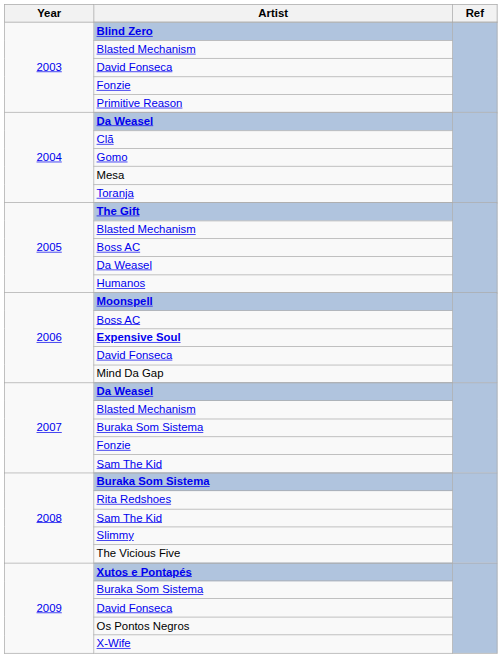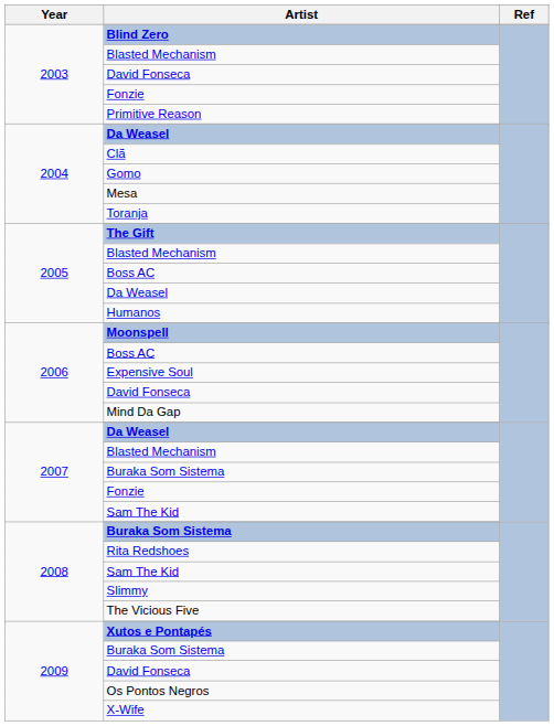 <table class="wikitable" style="width:55%;">
 <tr style="background:#bebebe;">
 <th style="width:10%;">Year</th>
 <th style="width:40%;">Artist</th>
 <th style="width:5%;">Ref</th>
 </tr>
 <tr>
 <td rowspan="6" align="center"><a href='#'>2003</a></td>
 </tr>
 <tr style="background:#B0C4DE">
 <td><strong><a href='#'>Blind Zero</a></strong></td>
 <td rowspan="6" align="center"></td>
 </tr>
 <tr>
 <td><a href='#'>Blasted Mechanism</a></td>
 </tr>
 <tr>
 <td><a href='#'>David Fonseca</a></td>
 </tr>
 <tr>
 <td><a href='#'>Fonzie</a></td>
 </tr>
 <tr>
 <td><a href='#'>Primitive Reason</a></td>
 </tr>
 <tr>
 <td rowspan="6" align="center"><a href='#'>2004</a></td>
 </tr>
 <tr style="background:#B0C4DE">
 <td><strong><a href='#'>Da Weasel</a></strong></td>
 <td rowspan="6" align="center"></td>
 </tr>
 <tr>
 <td><a href='#'>Clã</a></td>
 </tr>
 <tr>
 <td><a href='#'>Gomo</a></td>
 </tr>
 <tr>
 <td>Mesa</td>
 </tr>
 <tr>
 <td><a href='#'>Toranja</a></td>
 </tr>
 <tr>
 <td rowspan="6" align="center"><a href='#'>2005</a></td>
 </tr>
 <tr style="background:#B0C4DE">
 <td><strong><a href='#'>The Gift</a></strong></td>
 <td rowspan="6" align="center"></td>
 </tr>
 <tr>
 <td><a href='#'>Blasted Mechanism</a></td>
 </tr>
 <tr>
 <td><a href='#'>Boss AC</a></td>
 </tr>
 <tr>
 <td><a href='#'>Da Weasel</a></td>
 </tr>
 <tr>
 <td><a href='#'>Humanos</a></td>
 </tr>
 <tr>
 <td rowspan="6" align="center"><a href='#'>2006</a></td>
 </tr>
 <tr style="background:#B0C4DE">
 <td><strong><a href='#'>Moonspell</a></strong></td>
 <td rowspan="6" align="center"></td>
 </tr>
 <tr>
 <td><a href='#'>Boss AC</a></td>
 </tr>
 <tr>
-<td><strong><a href='#'>Expensive Soul</a></strong></td>
+<td><a href='#'>Expensive Soul</a></td>
 </tr>
 <tr>
 <td><a href='#'>David Fonseca</a></td>
 </tr>
 <tr>
 <td>Mind Da Gap</td>
 </tr>
 <tr>
 <td rowspan="6" align="center"><a href='#'>2007</a></td>
 </tr>
 <tr style="background:#B0C4DE">
 <td><strong><a href='#'>Da Weasel</a></strong></td>
 <td rowspan="6" align="center"></td>
 </tr>
 <tr>
 <td><a href='#'>Blasted Mechanism</a></td>
 </tr>
 <tr>
 <td><a href='#'>Buraka Som Sistema</a></td>
 </tr>
 <tr>
 <td><a href='#'>Fonzie</a></td>
 </tr>
 <tr>
 <td><a href='#'>Sam The Kid</a></td>
 </tr>
 <tr>
 <td rowspan="6" align="center"><a href='#'>2008</a></td>
 </tr>
 <tr style="background:#B0C4DE">
 <td><strong><a href='#'>Buraka Som Sistema</a></strong></td>
 <td rowspan="6" align="center"></td>
 </tr>
 <tr>
 <td><a href='#'>Rita Redshoes</a></td>
 </tr>
 <tr>
 <td><a href='#'>Sam The Kid</a></td>
 </tr>
 <tr>
 <td><a href='#'>Slimmy</a></td>
 </tr>
 <tr>
 <td>The Vicious Five</td>
 </tr>
 <tr>
 <td rowspan="6" align="center"><a href='#'>2009</a></td>
 </tr>
 <tr style="background:#B0C4DE">
 <td><strong><a href='#'>Xutos e Pontapés</a></strong></td>
 <td rowspan="6" align="center"></td>
 </tr>
 <tr>
 <td><a href='#'>Buraka Som Sistema</a></td>
 </tr>
 <tr>
 <td><a href='#'>David Fonseca</a></td>
 </tr>
 <tr>
 <td>Os Pontos Negros</td>
 </tr>
 <tr>
 <td><a href='#'>X-Wife</a></td>
 </tr>
 </table>
